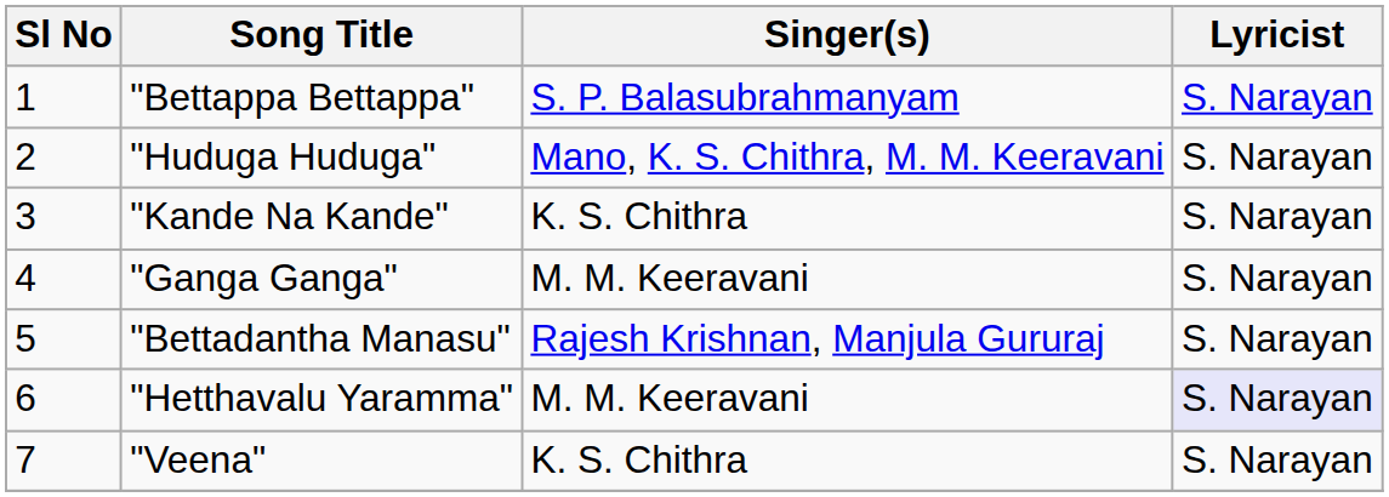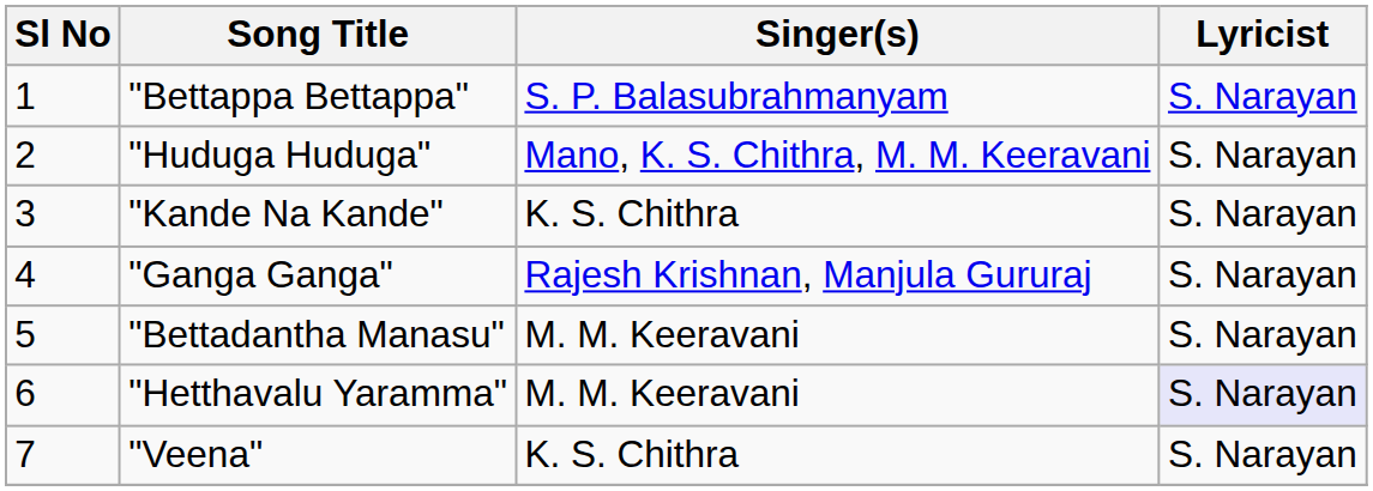 <table class="wikitable">
 <tr>
 <th>Sl No</th>
 <th>Song Title</th>
 <th>Singer(s)</th>
 <th>Lyricist</th>
 </tr>
 <tr>
 <td>1</td>
 <td>"Bettappa Bettappa"</td>
 <td><a href='#'>S. P. Balasubrahmanyam</a></td>
 <td><a href='#'>S. Narayan</a></td>
 </tr>
 <tr>
 <td>2</td>
 <td>"Huduga Huduga"</td>
 <td><a href='#'>Mano</a>, <a href='#'>K. S. Chithra</a>, <a href='#'>M. M. Keeravani</a></td>
 <td>S. Narayan</td>
 </tr>
 <tr>
 <td>3</td>
 <td>"Kande Na Kande"</td>
 <td>K. S. Chithra</td>
 <td>S. Narayan</td>
 </tr>
 <tr>
 <td>4</td>
 <td>"Ganga Ganga"</td>
-<td>M. M. Keeravani</td>
+<td><a href='#'>Rajesh Krishnan</a>, <a href='#'>Manjula Gururaj</a></td>
 <td>S. Narayan</td>
 </tr>
 <tr>
 <td>5</td>
 <td>"Bettadantha Manasu"</td>
-<td><a href='#'>Rajesh Krishnan</a>, <a href='#'>Manjula Gururaj</a></td>
+<td>M. M. Keeravani</td>
 <td>S. Narayan</td>
 </tr>
 <tr>
 <td>6</td>
 <td>"Hetthavalu Yaramma"</td>
 <td>M. M. Keeravani</td>
 <td style="background: lavender;">S. Narayan</td>
 </tr>
 <tr>
 <td>7</td>
 <td>"Veena"</td>
 <td>K. S. Chithra</td>
 <td>S. Narayan</td>
 </tr>
 <tr>
 </tr>
 </table>
